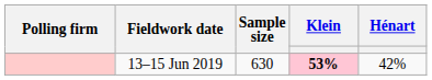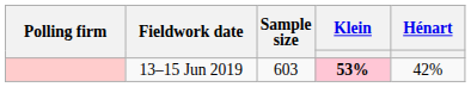 <table class="wikitable sortable" style="text-align:center;font-size:90%;line-height:14px;">
 <tr style="height:40px;">
 <th style="width:100px;" rowspan="2">Polling firm</th>
 <th style="width:110px;" rowspan="2">Fieldwork date</th>
 <th style="width:35px;" rowspan="2">Sample<br>size</th>
 <th class="unsortable" style="width:60px;"><a href='#'>Klein</a><br></th>
 <th class="unsortable" style="width:60px;"><a href='#'>Hénart</a><br></th>
 </tr>
 <tr>
 <th style="background:"></th>
 <th style="background:"></th>
 </tr>
 <tr>
 <td style="background:#FFCCCC;"></td>
 <td data-sort-value="2019-06-15">13–15 Jun 2019</td>
-<td>630</td>
+<td>603</td>
 <td style="background:#FFC6D5;"><strong>53%</strong></td>
 <td>42%</td>
 </tr>
 </table>
